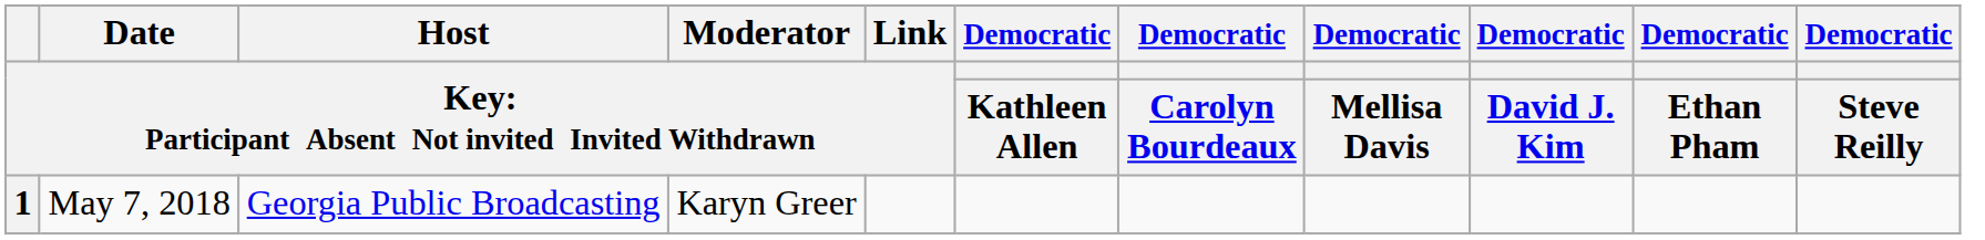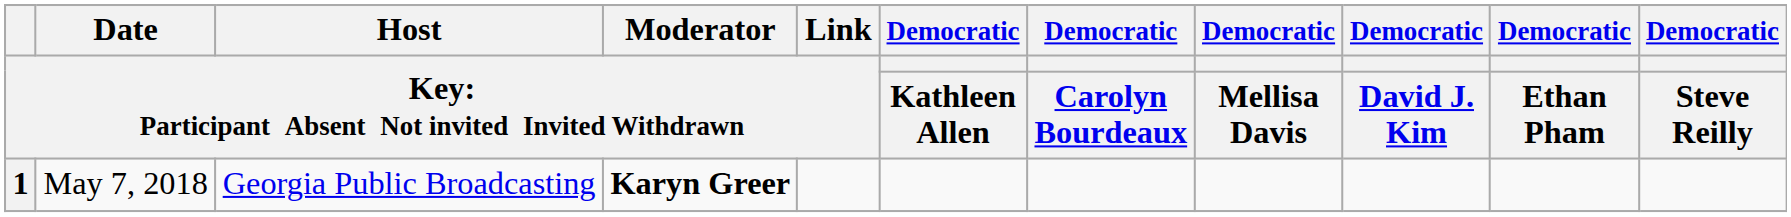 <table class="wikitable" style="text-align:center;">
 <tr>
 <th scope="col"></th>
 <th scope="col">Date</th>
 <th scope="col">Host</th>
 <th scope="col">Moderator</th>
 <th scope="col">Link</th>
 <th scope="col"><small><a href='#'>Democratic</a></small></th>
 <th scope="col"><small><a href='#'>Democratic</a></small></th>
 <th scope="col"><small><a href='#'>Democratic</a></small></th>
 <th scope="col"><small><a href='#'>Democratic</a></small></th>
 <th scope="col"><small><a href='#'>Democratic</a></small></th>
 <th scope="col"><small><a href='#'>Democratic</a></small></th>
 </tr>
 <tr>
 <th colspan="5" rowspan="2">Key:<br> <small>Participant </small>  <small>Absent </small>  <small>Not invited </small>  <small>Invited  Withdrawn</small></th>
 <th scope="col" style="background:"></th>
 <th scope="col" style="background:"></th>
 <th scope="col" style="background:"></th>
 <th scope="col" style="background:"></th>
 <th scope="col" style="background:"></th>
 <th scope="col" style="background:"></th>
 </tr>
 <tr>
 <th scope="col">Kathleen Allen</th>
 <th scope="col"><a href='#'>Carolyn Bourdeaux</a></th>
 <th scope="col">Mellisa Davis</th>
 <th scope="col"><a href='#'>David J. Kim</a></th>
 <th scope="col">Ethan Pham</th>
 <th scope="col">Steve Reilly</th>
 </tr>
 <tr>
 <th>1</th>
 <td style="white-space:nowrap;">May 7, 2018</td>
 <td style="white-space:nowrap;"><a href='#'>Georgia Public Broadcasting</a></td>
-<td style="white-space:nowrap;">Karyn Greer</td>
+<td style="white-space:nowrap;"><strong>Karyn Greer</strong></td>
 <td style="white-space:nowrap;"></td>
 <td></td>
 <td></td>
 <td></td>
 <td></td>
 <td></td>
 <td></td>
 </tr>
 </table>
